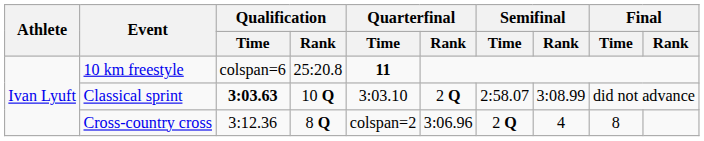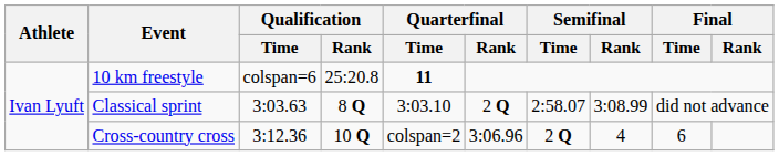 <table class="wikitable" style="font-size:90%">
 <tr>
 <th rowspan="2">Athlete</th>
 <th rowspan="2">Event</th>
 <th colspan="2">Qualification</th>
 <th colspan="2">Quarterfinal</th>
 <th colspan="2">Semifinal</th>
 <th colspan="2">Final</th>
 </tr>
 <tr style="font-size:95%">
 <th>Time</th>
 <th>Rank</th>
 <th>Time</th>
 <th>Rank</th>
 <th>Time</th>
 <th>Rank</th>
 <th>Time</th>
 <th>Rank</th>
 </tr>
 <tr align=center>
 <td align=left rowspan=3><a href='#'>Ivan Lyuft</a></td>
 <td align=left><a href='#'>10 km freestyle</a></td>
 <td>colspan=6 </td>
 <td>25:20.8</td>
 <td><strong>11</strong></td>
 </tr>
 <tr align=center>
 <td align=left><a href='#'>Classical sprint</a></td>
-<td><strong>3:03.63</strong></td>
-<td>10 <strong>Q</strong></td>
+<td>3:03.63</td>
+<td>8 <strong>Q</strong></td>
 <td>3:03.10</td>
 <td>2 <strong>Q</strong></td>
 <td>2:58.07</td>
 <td>3:08.99</td>
 <td colspan=2>did not advance</td>
 </tr>
 <tr align=center>
 <td align=left><a href='#'>Cross-country cross</a></td>
 <td>3:12.36</td>
-<td>8 <strong>Q</strong></td>
+<td>10 <strong>Q</strong></td>
 <td>colspan=2 </td>
 <td>3:06.96</td>
 <td>2 <strong>Q</strong></td>
 <td>4</td>
-<td>8</td>
+<td>6</td>
 </tr>
 </table>
